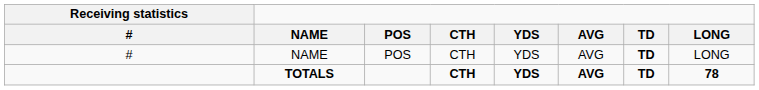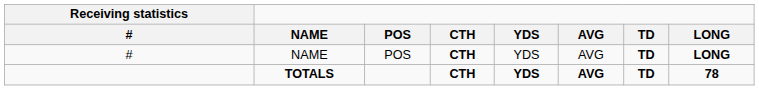 <table style="width:60%; text-align:center;" class="wikitable collapsible collapsed">
 <tr>
 <th style="text-align:center; ">Receiving statistics</th>
 </tr>
 <tr>
 <th>#</th>
 <th>NAME</th>
 <th>POS</th>
 <th>CTH</th>
 <th>YDS</th>
 <th>AVG</th>
 <th>TD</th>
 <th>LONG</th>
 </tr>
 <tr>
 <td>#</td>
 <td>NAME</td>
 <td>POS</td>
-<td>CTH</td>
+<td><strong>CTH</strong></td>
 <td>YDS</td>
 <td>AVG</td>
 <td><strong>TD</strong></td>
-<td>LONG</td>
+<td><strong>LONG</strong></td>
 </tr>
 <tr>
 <td></td>
 <td><strong>TOTALS</strong></td>
 <td></td>
 <td><strong>CTH</strong></td>
 <td><strong>YDS</strong></td>
 <td><strong>AVG</strong></td>
 <td><strong>TD</strong></td>
 <td><strong>78</strong></td>
 </tr>
 </table>
